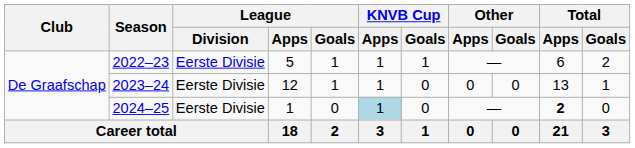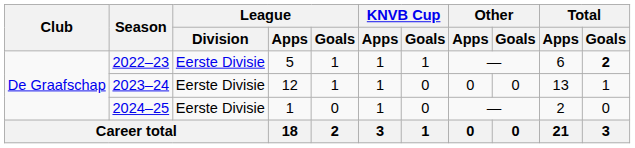 <table class="wikitable" style="text-align:center">
 <tr>
 <th rowspan="2">Club</th>
 <th rowspan="2">Season</th>
 <th colspan="3">League</th>
 <th colspan="2"><a href='#'>KNVB Cup</a></th>
 <th colspan="2">Other</th>
 <th colspan="2">Total</th>
 </tr>
 <tr>
 <th>Division</th>
 <th>Apps</th>
 <th>Goals</th>
 <th>Apps</th>
 <th>Goals</th>
 <th>Apps</th>
 <th>Goals</th>
 <th>Apps</th>
 <th>Goals</th>
 </tr>
 <tr>
 <td rowspan="3"><a href='#'>De Graafschap</a></td>
 <td><a href='#'>2022–23</a></td>
 <td><a href='#'>Eerste Divisie</a></td>
 <td>5</td>
 <td>1</td>
 <td>1</td>
 <td>1</td>
 <td colspan="2">—</td>
 <td>6</td>
-<td>2</td>
+<td><strong>2</strong></td>
 </tr>
 <tr>
 <td><a href='#'>2023–24</a></td>
 <td>Eerste Divisie</td>
 <td>12</td>
 <td>1</td>
 <td>1</td>
 <td>0</td>
 <td>0</td>
 <td>0</td>
 <td>13</td>
 <td>1</td>
 </tr>
 <tr>
 <td><a href='#'>2024–25</a></td>
 <td>Eerste Divisie</td>
 <td>1</td>
 <td>0</td>
-<td style="background: lightblue;">1</td>
+<td>1</td>
 <td>0</td>
 <td colspan="2">—</td>
-<td><strong>2</strong></td>
+<td>2</td>
 <td>0</td>
 </tr>
 <tr>
 <th colspan="3">Career total</th>
 <th>18</th>
 <th>2</th>
 <th>3</th>
 <th>1</th>
 <th>0</th>
 <th>0</th>
 <th>21</th>
 <th>3</th>
 </tr>
 </table>
